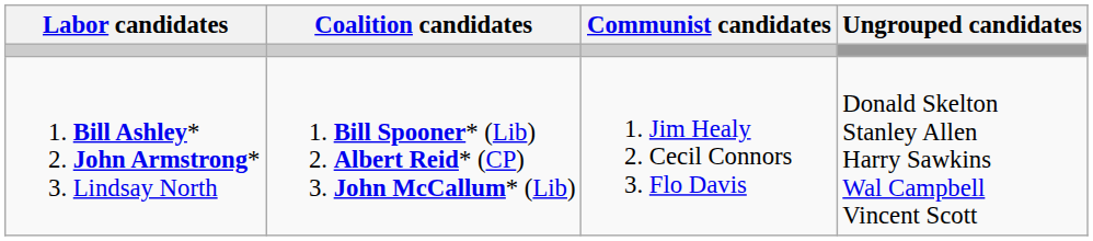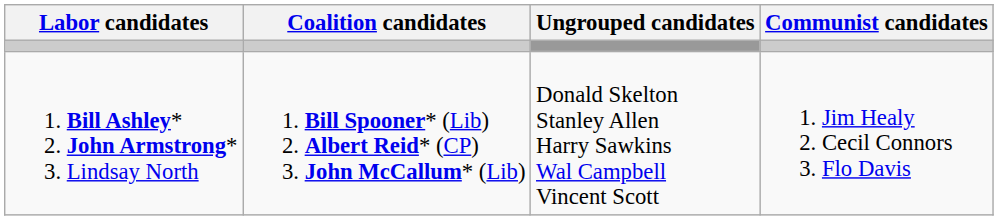 <table class="wikitable">
 <tr>
 <th><a href='#'>Labor</a> candidates</th>
 <th><a href='#'>Coalition</a> candidates</th>
+<th>Ungrouped candidates</th>
 <th><a href='#'>Communist</a> candidates</th>
-<th>Ungrouped candidates</th>
 </tr>
 <tr bgcolor="#cccccc">
 <td></td>
 <td></td>
+<td bgcolor="#999999"></td>
 <td></td>
-<td bgcolor="#999999"></td>
 </tr>
 <tr>
 <td><br><ol><li><strong><a href='#'>Bill Ashley</a></strong>*</li><li><strong><a href='#'>John Armstrong</a></strong>*</li><li><a href='#'>Lindsay North</a></li></ol></td>
 <td><br><ol><li><strong><a href='#'>Bill Spooner</a></strong>* (<a href='#'>Lib</a>)</li><li><strong><a href='#'>Albert Reid</a></strong>* (<a href='#'>CP</a>)</li><li><strong><a href='#'>John McCallum</a></strong>* (<a href='#'>Lib</a>)</li></ol></td>
+<td valign=top><br>Donald Skelton<br> Stanley Allen<br> Harry Sawkins<br> <a href='#'>Wal Campbell</a><br> Vincent Scott</td>
 <td valign=top><br><ol><li><a href='#'>Jim Healy</a></li><li>Cecil Connors</li><li><a href='#'>Flo Davis</a></li></ol></td>
-<td valign=top><br>Donald Skelton<br> Stanley Allen<br> Harry Sawkins<br> <a href='#'>Wal Campbell</a><br> Vincent Scott</td>
 </tr>
 </table>
